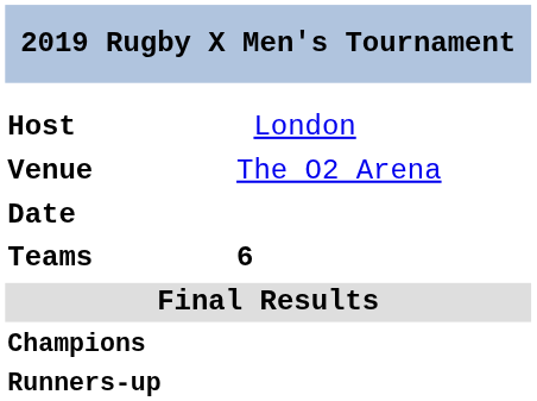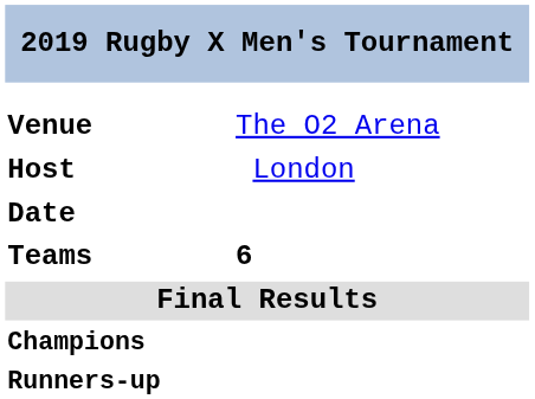 <table class="toccolours" style="float: right; margin: 0 0 1em 1em; font-size: 90%;" width=220px>
 <tr>
 <td colspan="2"  style="background:#b0c4de; text-align:center; height:30px;"><strong>2019 Rugby X Men's Tournament</strong></td>
 </tr>
 <tr>
 <td colspan="2" style="text-align: center;"></td>
 </tr>
 <tr style="vertical-align:top;">
 <td colspan=2></td>
 </tr>
 <tr style="vertical-align:top;">
+<td><strong>Venue</strong></td>
+<td><a href='#'>The O2 Arena</a></td>
+</tr>
+<tr style="vertical-align:top;">
 <td><strong>Host</strong></td>
 <td> <a href='#'>London</a></td>
-</tr>
-<tr style="vertical-align:top;">
-<td><strong>Venue</strong></td>
-<td><a href='#'>The O2 Arena</a></td>
 </tr>
 <tr style="vertical-align:top;">
 <td><strong>Date</strong></td>
 <td></td>
 </tr>
 <tr style="vertical-align:top;">
 <td width=90><strong>Teams</strong></td>
 <td><strong>6</strong></td>
 </tr>
 <tr>
 <td colspan="2" style="background: #dedede; text-align: center;"><strong>Final Results</strong></td>
 </tr>
 <tr style="vertical-align:top;">
 <td style="font-size:90%; width:90px;"><strong>Champions</strong></td>
 <td align=left></td>
 </tr>
 <tr>
 <td style="font-size:90%; width:90px;"><strong>Runners-up</strong></td>
 <td align=left></td>
 </tr>
 </table>
